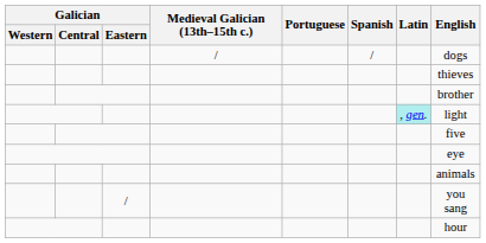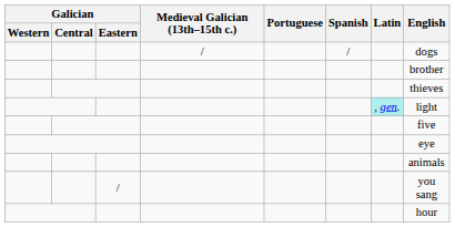 <table class="wikitable" style="text-align: center">
 <tr>
 <th colspan=3 scope="col">Galician</th>
 <th rowspan=2 scope=col>Medieval Galician (13th–15th c.)</th>
 <th rowspan=2 scope=col>Portuguese</th>
 <th rowspan=2 scope=col>Spanish</th>
 <th rowspan=2 scope=col>Latin</th>
 <th rowspan=2 scope=col>English</th>
 </tr>
 <tr>
 <th scope="col">Western</th>
 <th scope="col">Central</th>
 <th scope="col">Eastern</th>
 </tr>
 <tr>
 <td><strong></strong> </td>
 <td> </td>
 <td> </td>
 <td>/</td>
 <td></td>
 <td>/</td>
 <td></td>
 <td>dogs</td>
 </tr>
 <tr>
 <td><strong></strong> </td>
 <td> </td>
 <td> </td>
 <td></td>
 <td></td>
 <td></td>
 <td></td>
-<td>thieves</td>
+<td>brother</td>
 </tr>
 <tr>
 <td><strong></strong> </td>
 <td colspan=2> </td>
 <td></td>
 <td></td>
 <td></td>
 <td></td>
-<td>brother</td>
+<td>thieves</td>
 </tr>
 <tr>
 <td colspan=2><strong></strong> </td>
 <td><strong></strong> </td>
 <td></td>
 <td></td>
 <td></td>
 <td style="background: paleturquoise;">, <em><a href='#'>gen</a>.</em> </td>
 <td>light</td>
 </tr>
 <tr>
 <td><strong></strong> </td>
 <td colspan=2><strong></strong> </td>
 <td></td>
 <td></td>
 <td></td>
 <td></td>
 <td>five</td>
 </tr>
 <tr>
 <td colspan=3><strong></strong> </td>
 <td></td>
 <td></td>
 <td></td>
 <td></td>
 <td>eye</td>
 </tr>
 <tr>
 <td><strong></strong> </td>
 <td><strong></strong> </td>
 <td><strong></strong> </td>
 <td></td>
 <td></td>
 <td></td>
 <td></td>
 <td>animals</td>
 </tr>
 <tr>
 <td></td>
 <td><strong></strong></td>
 <td>/</td>
 <td></td>
 <td></td>
 <td></td>
 <td></td>
 <td>you sang</td>
 </tr>
 <tr>
 <td colspan=2></td>
 <td><strong></strong></td>
 <td></td>
 <td></td>
 <td></td>
 <td></td>
 <td>hour</td>
 </tr>
 </table>
